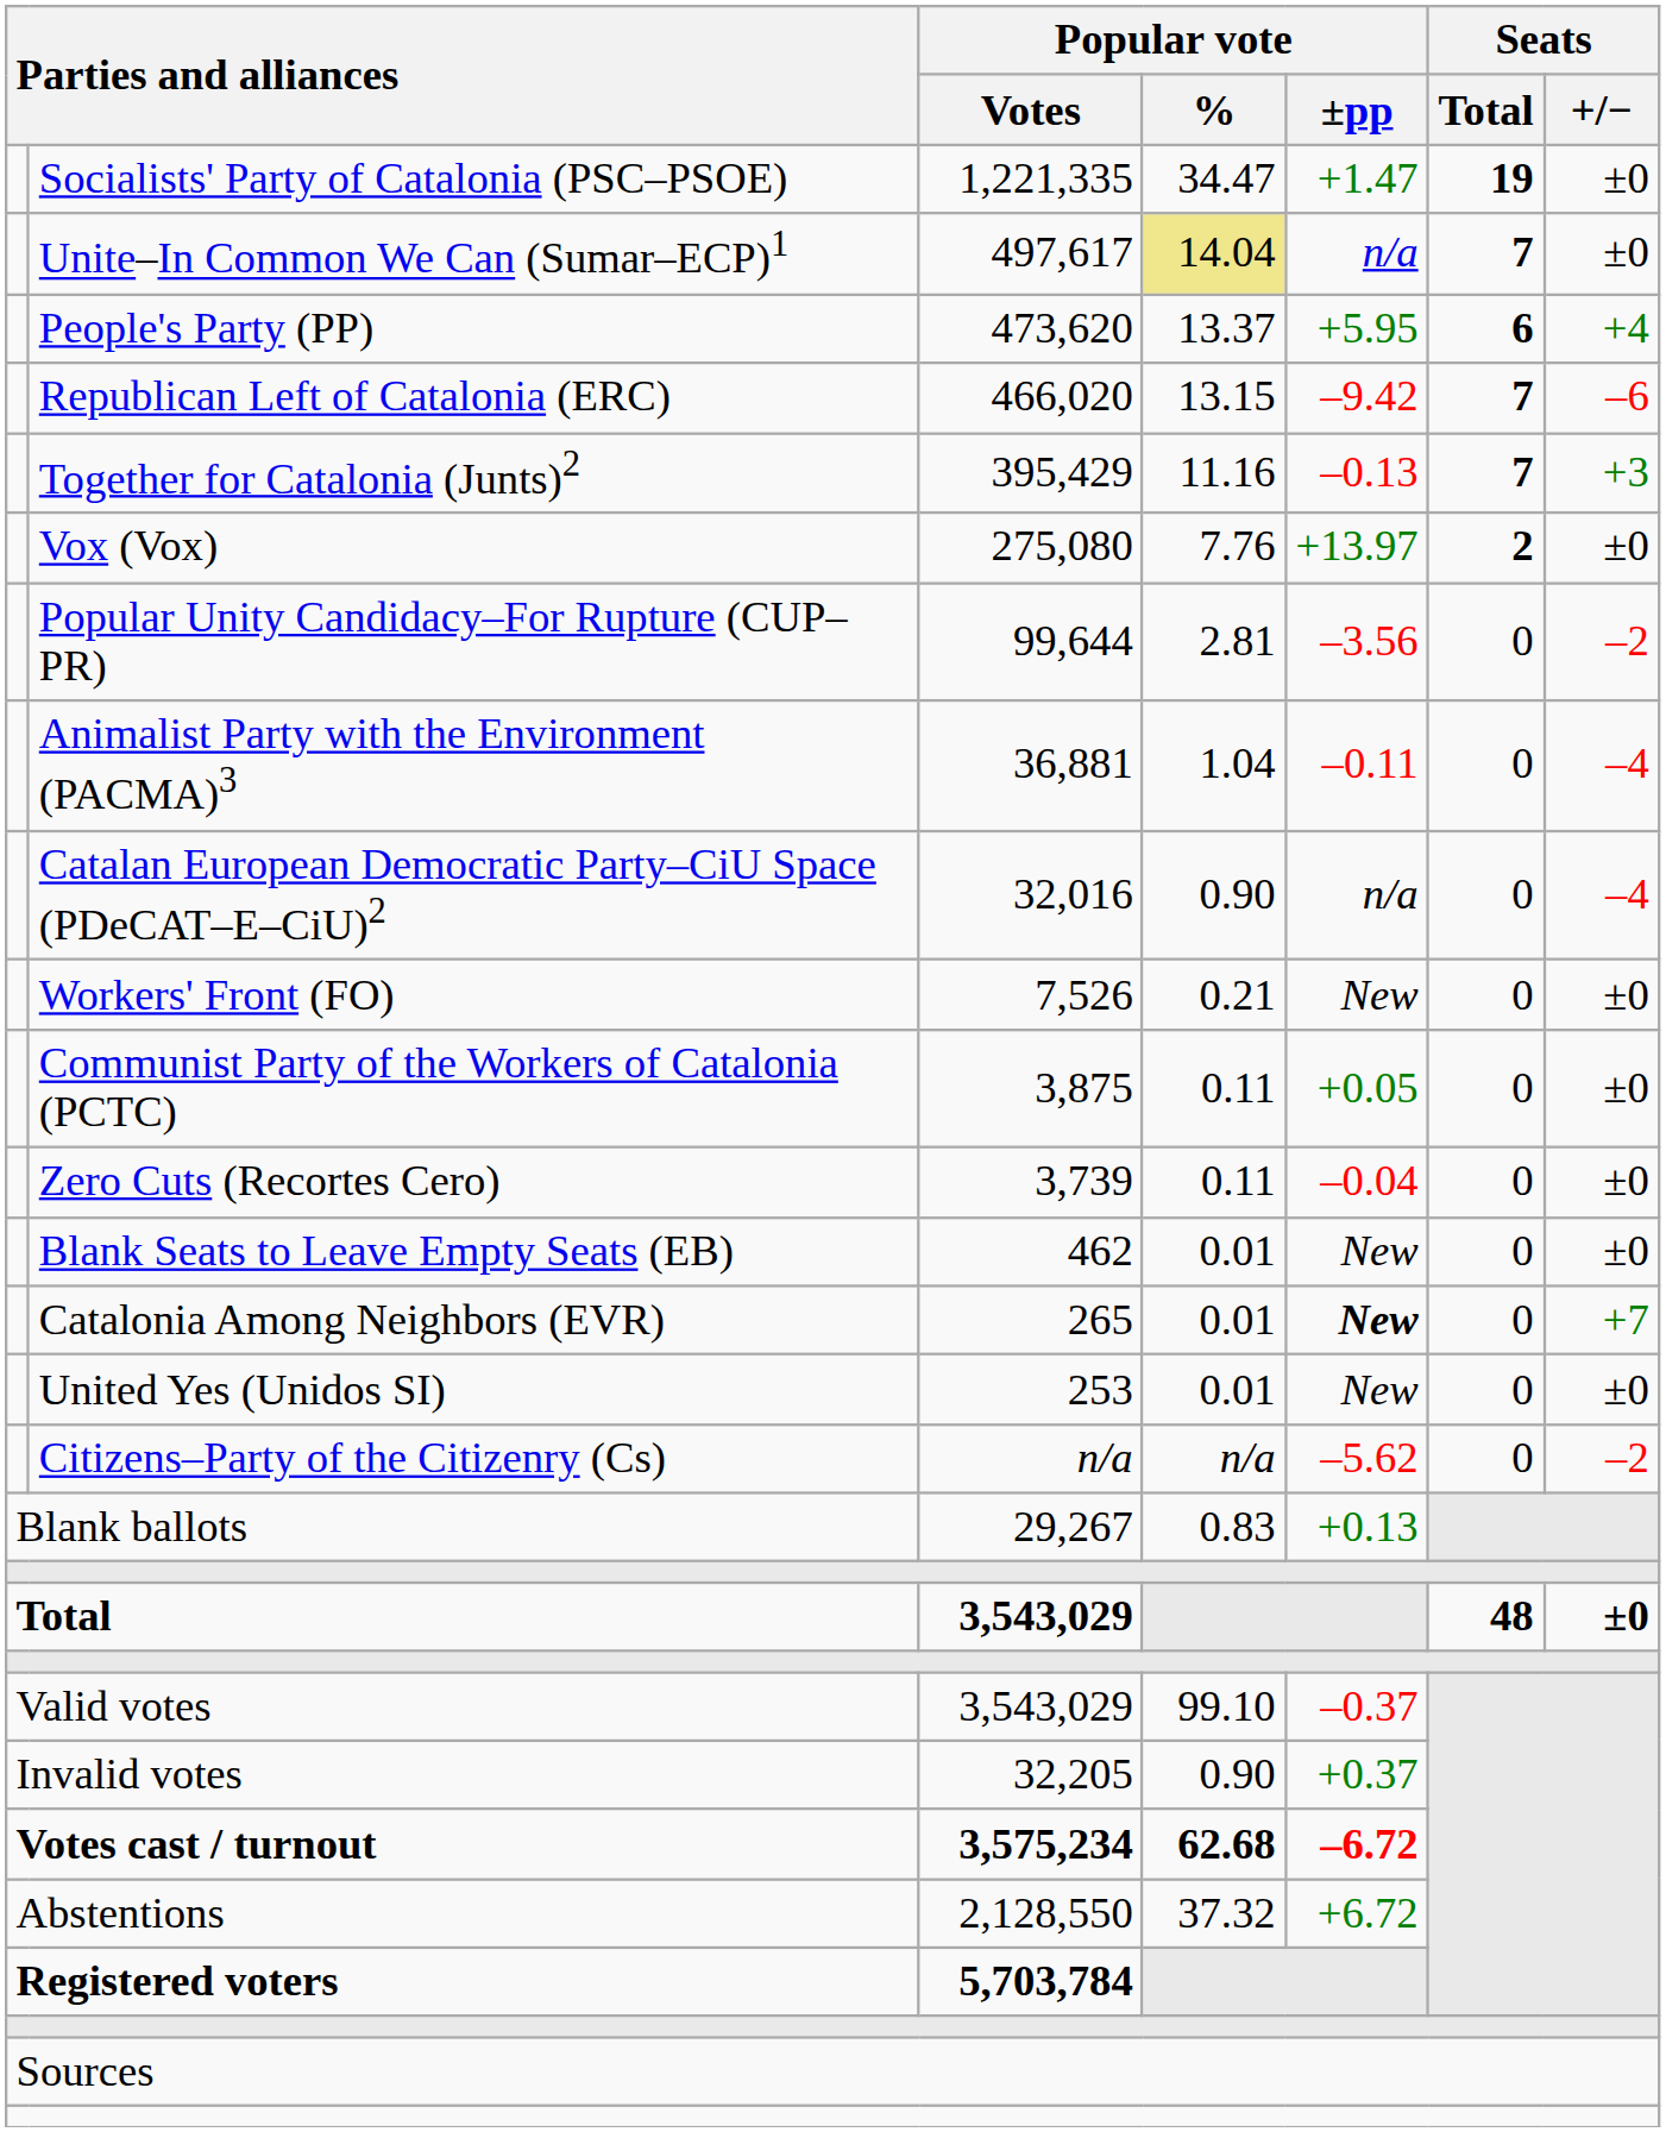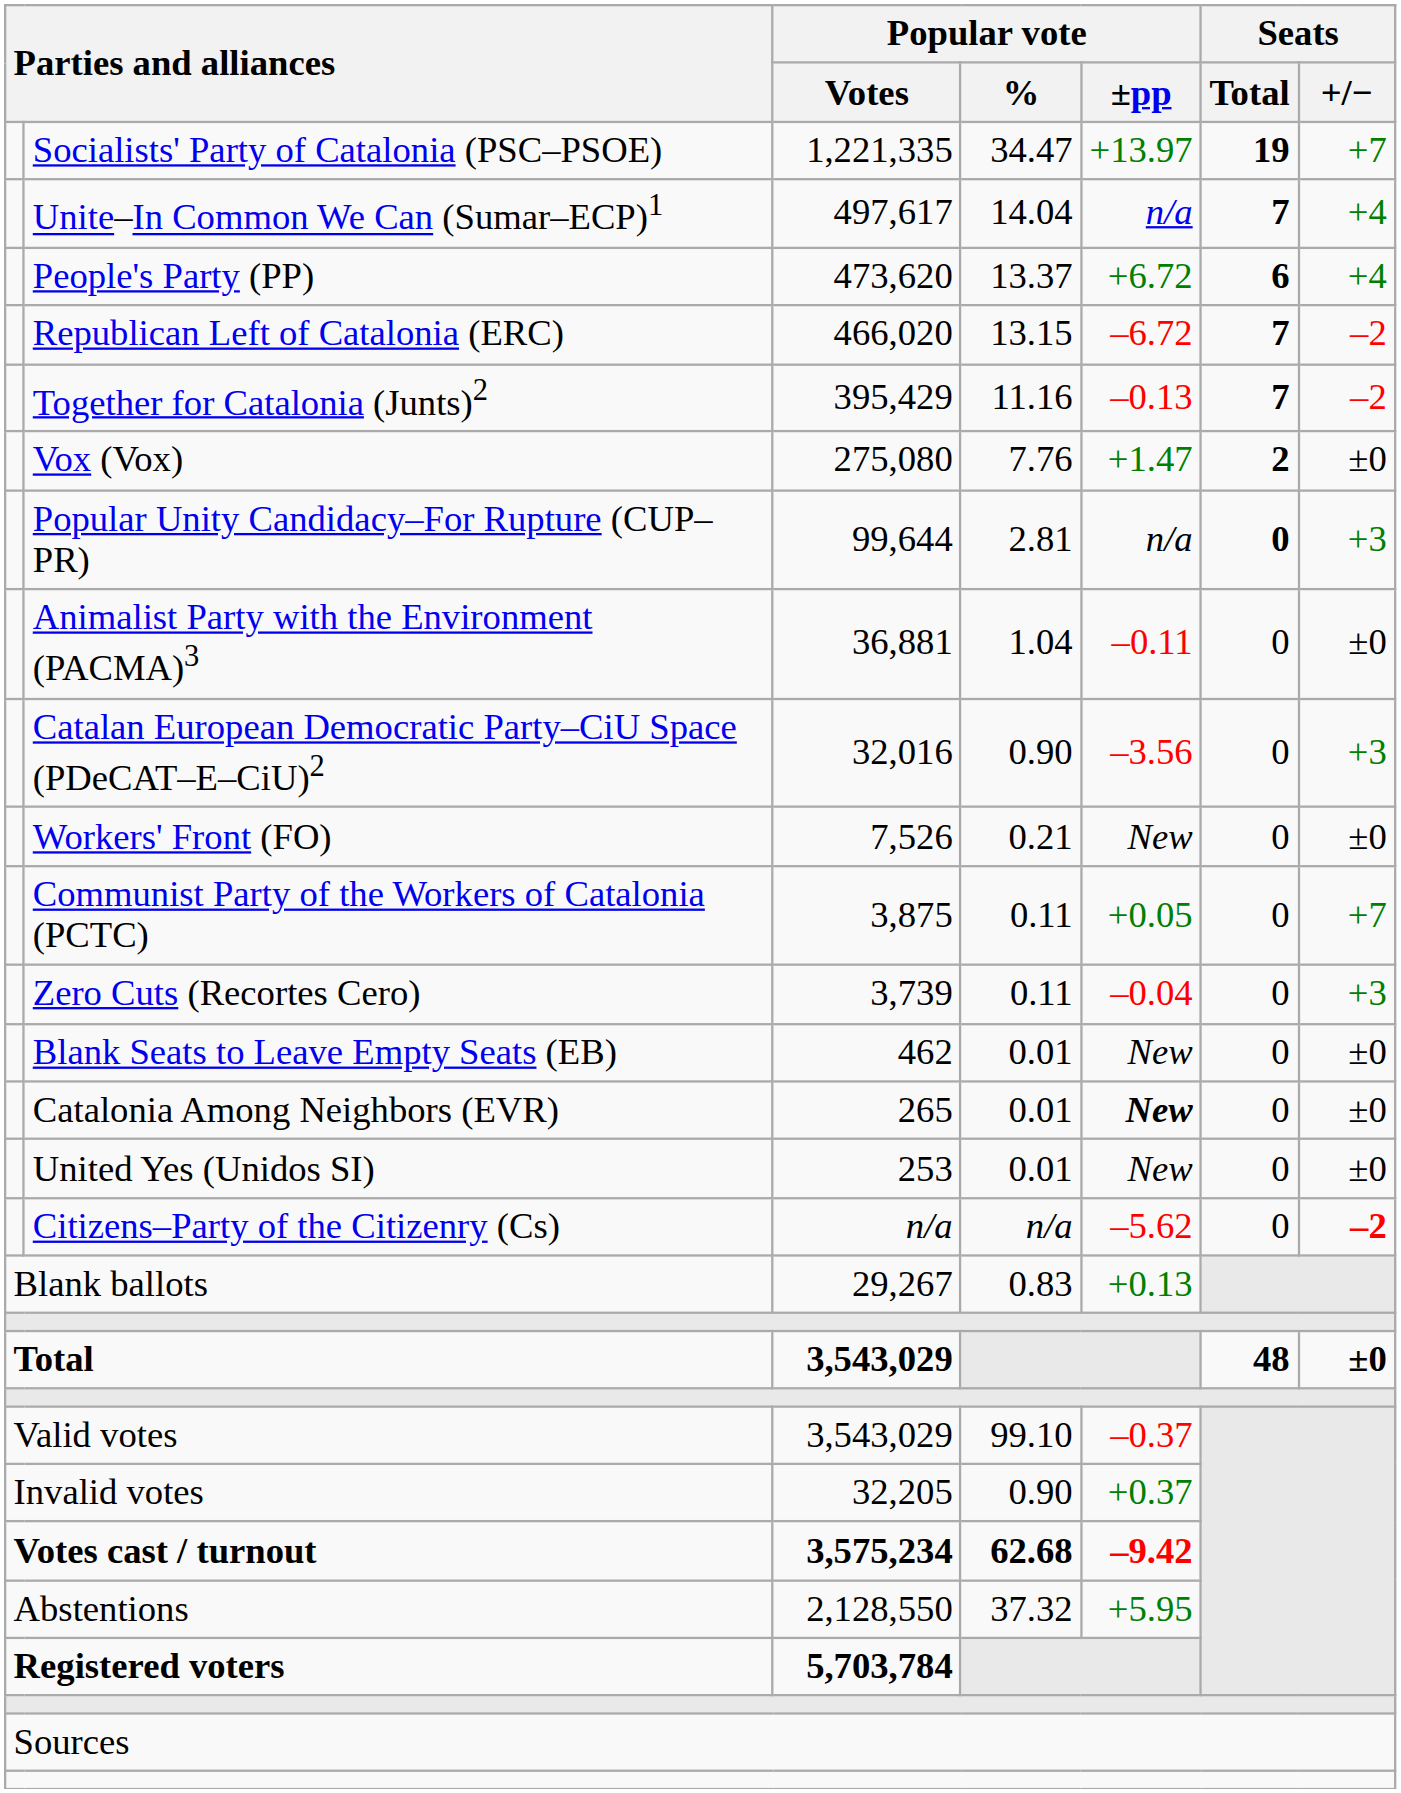 <table class="wikitable" style="text-align:right;">
 <tr>
 <th style="text-align:left;" rowspan="2" colspan="2" width="525">Parties and alliances</th>
 <th colspan="3">Popular vote</th>
 <th colspan="2">Seats</th>
 </tr>
 <tr>
 <th width="75">Votes</th>
 <th width="45">%</th>
 <th width="45">±<a href='#'>pp</a></th>
 <th width="35">Total</th>
 <th width="35">+/−</th>
 </tr>
 <tr>
 <td width="1" style="color:inherit;background:"></td>
 <td align="left"><a href='#'>Socialists' Party of Catalonia</a> (PSC–PSOE)</td>
 <td>1,221,335</td>
 <td>34.47</td>
-<td style="color:green;">+1.47</td>
+<td style="color:green;">+13.97</td>
 <td><strong>19</strong></td>
-<td>±0</td>
+<td style="color:green;">+7</td>
 </tr>
 <tr>
 <td style="color:inherit;background:"></td>
 <td align="left"><a href='#'>Unite</a>–<a href='#'>In Common We Can</a> (Sumar–ECP)<sup>1</sup></td>
 <td>497,617</td>
-<td style="background: khaki;">14.04</td>
+<td>14.04</td>
 <td><em><a href='#'>n/a</a></em></td>
 <td><strong>7</strong></td>
-<td>±0</td>
+<td style="color:green;">+4</td>
 </tr>
 <tr>
 <td style="color:inherit;background:"></td>
 <td align="left"><a href='#'>People's Party</a> (PP)</td>
 <td>473,620</td>
 <td>13.37</td>
-<td style="color:green;">+5.95</td>
+<td style="color:green;">+6.72</td>
 <td><strong>6</strong></td>
 <td style="color:green;">+4</td>
 </tr>
 <tr>
 <td style="color:inherit;background:"></td>
 <td align="left"><a href='#'>Republican Left of Catalonia</a> (ERC)</td>
 <td>466,020</td>
 <td>13.15</td>
-<td style="color:red;">–9.42</td>
+<td style="color:red;">–6.72</td>
 <td><strong>7</strong></td>
-<td style="color:red;">–6</td>
+<td style="color:red;">–2</td>
 </tr>
 <tr>
 <td style="color:inherit;background:"></td>
 <td align="left"><a href='#'>Together for Catalonia</a> (Junts)<sup>2</sup></td>
 <td>395,429</td>
 <td>11.16</td>
 <td style="color:red;">–0.13</td>
 <td><strong>7</strong></td>
-<td style="color:green;">+3</td>
+<td style="color:red;">–2</td>
 </tr>
 <tr>
 <td style="color:inherit;background:"></td>
 <td align="left"><a href='#'>Vox</a> (Vox)</td>
 <td>275,080</td>
 <td>7.76</td>
-<td style="color:green;">+13.97</td>
+<td style="color:green;">+1.47</td>
 <td><strong>2</strong></td>
 <td>±0</td>
 </tr>
 <tr>
 <td style="color:inherit;background:"></td>
 <td align="left"><a href='#'>Popular Unity Candidacy–For Rupture</a> (CUP–PR)</td>
 <td>99,644</td>
 <td>2.81</td>
-<td style="color:red;">–3.56</td>
-<td>0</td>
-<td style="color:red;">–2</td>
+<td><em>n/a</em></td>
+<td><strong>0</strong></td>
+<td style="color:green;">+3</td>
 </tr>
 <tr>
 <td style="color:inherit;background:"></td>
 <td align="left"><a href='#'>Animalist Party with the Environment</a> (PACMA)<sup>3</sup></td>
 <td>36,881</td>
 <td>1.04</td>
 <td style="color:red;">–0.11</td>
 <td>0</td>
-<td style="color:red;">–4</td>
+<td>±0</td>
 </tr>
 <tr>
 <td style="color:inherit;background:"></td>
 <td align="left"><a href='#'>Catalan European Democratic Party–CiU Space</a> (PDeCAT–E–CiU)<sup>2</sup></td>
 <td>32,016</td>
 <td>0.90</td>
-<td><em>n/a</em></td>
+<td style="color:red;">–3.56</td>
 <td>0</td>
-<td style="color:red;">–4</td>
+<td style="color:green;">+3</td>
 </tr>
 <tr>
 <td style="color:inherit;background:"></td>
 <td align="left"><a href='#'>Workers' Front</a> (FO)</td>
 <td>7,526</td>
 <td>0.21</td>
 <td><em>New</em></td>
 <td>0</td>
 <td>±0</td>
 </tr>
 <tr>
 <td style="color:inherit;background:"></td>
 <td align="left"><a href='#'>Communist Party of the Workers of Catalonia</a> (PCTC)</td>
 <td>3,875</td>
 <td>0.11</td>
 <td style="color:green;">+0.05</td>
 <td>0</td>
-<td>±0</td>
+<td style="color:green;">+7</td>
 </tr>
 <tr>
 <td style="color:inherit;background:"></td>
 <td align="left"><a href='#'>Zero Cuts</a> (Recortes Cero)</td>
 <td>3,739</td>
 <td>0.11</td>
 <td style="color:red;">–0.04</td>
 <td>0</td>
-<td>±0</td>
+<td style="color:green;">+3</td>
 </tr>
 <tr>
 <td style="color:inherit;background:"></td>
 <td align="left"><a href='#'>Blank Seats to Leave Empty Seats</a> (EB)</td>
 <td>462</td>
 <td>0.01</td>
 <td><em>New</em></td>
 <td>0</td>
 <td>±0</td>
 </tr>
 <tr>
 <td style="color:inherit;background:"></td>
 <td align="left">Catalonia Among Neighbors (EVR)</td>
 <td>265</td>
 <td>0.01</td>
 <td><strong><em>New</em></strong></td>
 <td>0</td>
-<td style="color:green;">+7</td>
+<td>±0</td>
 </tr>
 <tr>
 <td style="color:inherit;background:"></td>
 <td align="left">United Yes (Unidos SI)</td>
 <td>253</td>
 <td>0.01</td>
 <td><em>New</em></td>
 <td>0</td>
 <td>±0</td>
 </tr>
 <tr>
 <td style="color:inherit;background:"></td>
 <td align="left"><a href='#'>Citizens–Party of the Citizenry</a> (Cs)</td>
 <td><em>n/a</em></td>
 <td><em>n/a</em></td>
 <td style="color:red;">–5.62</td>
 <td>0</td>
-<td style="color:red;">–2</td>
+<td style="color:red;"><strong>–2</strong></td>
 </tr>
 <tr>
 <td align="left" colspan="2">Blank ballots</td>
 <td>29,267</td>
 <td>0.83</td>
 <td style="color:green;">+0.13</td>
 <td bgcolor="#E9E9E9" colspan="2"></td>
 </tr>
 <tr>
 <td colspan="7" bgcolor="#E9E9E9"></td>
 </tr>
 <tr style="font-weight:bold;">
 <td align="left" colspan="2">Total</td>
 <td>3,543,029</td>
 <td bgcolor="#E9E9E9" colspan="2"></td>
 <td>48</td>
 <td>±0</td>
 </tr>
 <tr>
 <td colspan="7" bgcolor="#E9E9E9"></td>
 </tr>
 <tr>
 <td align="left" colspan="2">Valid votes</td>
 <td>3,543,029</td>
 <td>99.10</td>
 <td style="color:red;">–0.37</td>
 <td bgcolor="#E9E9E9" colspan="2" rowspan="5"></td>
 </tr>
 <tr>
 <td align="left" colspan="2">Invalid votes</td>
 <td>32,205</td>
 <td>0.90</td>
 <td style="color:green;">+0.37</td>
 </tr>
 <tr style="font-weight:bold;">
 <td align="left" colspan="2">Votes cast / turnout</td>
 <td>3,575,234</td>
 <td>62.68</td>
-<td style="color:red;">–6.72</td>
+<td style="color:red;">–9.42</td>
 </tr>
 <tr>
 <td align="left" colspan="2">Abstentions</td>
 <td>2,128,550</td>
 <td>37.32</td>
-<td style="color:green;">+6.72</td>
+<td style="color:green;">+5.95</td>
 </tr>
 <tr style="font-weight:bold;">
 <td align="left" colspan="2">Registered voters</td>
 <td>5,703,784</td>
 <td bgcolor="#E9E9E9" colspan="2"></td>
 </tr>
 <tr>
 <td colspan="7" bgcolor="#E9E9E9"></td>
 </tr>
 <tr>
 <td align="left" colspan="7">Sources</td>
 </tr>
 <tr>
 <td colspan="7" style="text-align:left; max-width:790px;"></td>
 </tr>
 </table>
